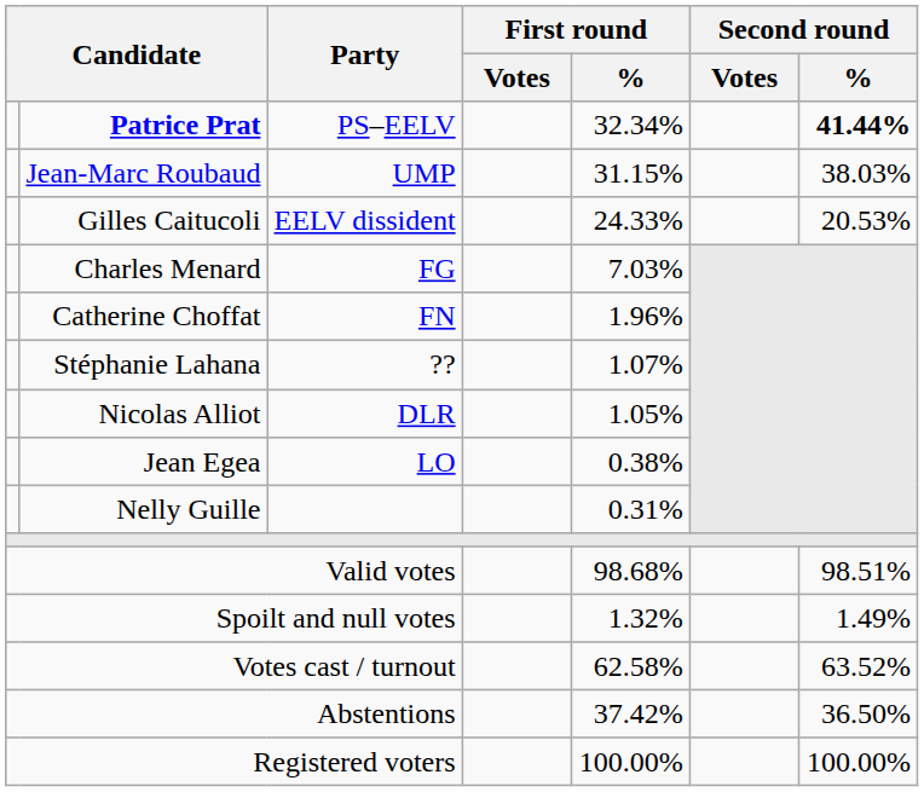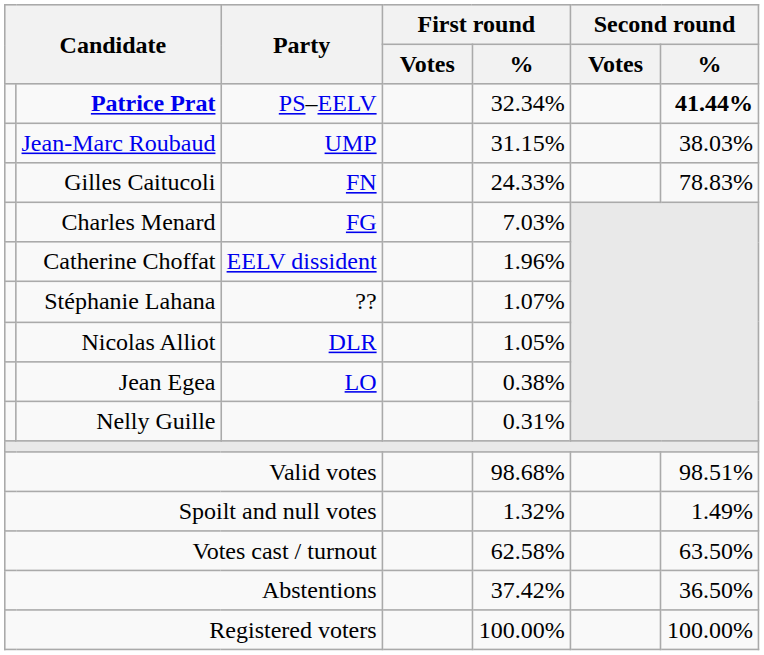 <table class="wikitable" style="text-align:right;font-size:95%;">
 <tr>
 <th rowspan=2 colspan=2>Candidate</th>
 <th rowspan=2 colspan=1>Party</th>
 <th colspan=2>First round</th>
 <th colspan=2>Second round</th>
 </tr>
 <tr>
 <th style="width:50px;">Votes</th>
 <th style="width:55px;">%</th>
 <th style="width:50px;">Votes</th>
 <th style="width:55px;">%</th>
 </tr>
 <tr>
 <td style="color:inherit;background-color:"></td>
 <td><strong><a href='#'>Patrice Prat</a></strong></td>
 <td><a href='#'>PS</a>–<a href='#'>EELV</a></td>
 <td></td>
 <td>32.34%</td>
 <td><strong></strong></td>
 <td><strong>41.44%</strong></td>
 </tr>
 <tr>
 <td style="color:inherit;background-color:"></td>
 <td><a href='#'>Jean-Marc Roubaud</a></td>
 <td><a href='#'>UMP</a></td>
 <td></td>
 <td>31.15%</td>
 <td></td>
 <td>38.03%</td>
 </tr>
 <tr>
 <td style="color:inherit;background-color:"></td>
 <td>Gilles Caitucoli</td>
-<td><a href='#'>EELV dissident</a></td>
+<td><a href='#'>FN</a></td>
 <td></td>
 <td>24.33%</td>
 <td></td>
-<td>20.53%</td>
+<td>78.83%</td>
 </tr>
 <tr>
 <td style="color:inherit;background-color:"></td>
 <td>Charles Menard</td>
 <td><a href='#'>FG</a></td>
 <td></td>
 <td>7.03%</td>
 <td colspan=7 rowspan=6 style="background-color:#E9E9E9;"></td>
 </tr>
 <tr>
 <td style="color:inherit;background-color:"></td>
 <td>Catherine Choffat</td>
-<td><a href='#'>FN</a></td>
+<td><a href='#'>EELV dissident</a></td>
 <td></td>
 <td>1.96%</td>
 </tr>
 <tr>
 <td style="background-color:;"></td>
 <td>Stéphanie Lahana</td>
 <td>??</td>
 <td></td>
 <td>1.07%</td>
 </tr>
 <tr>
 <td style="color:inherit;background-color:"></td>
 <td>Nicolas Alliot</td>
 <td><a href='#'>DLR</a></td>
 <td></td>
 <td>1.05%</td>
 </tr>
 <tr>
 <td style="color:inherit;background-color:"></td>
 <td>Jean Egea</td>
 <td><a href='#'>LO</a></td>
 <td></td>
 <td>0.38%</td>
 </tr>
 <tr>
 <td style="background-color:;"></td>
 <td>Nelly Guille</td>
 <td></td>
 <td></td>
 <td>0.31%</td>
 </tr>
 <tr>
 <td colspan=7 style="background-color:#E9E9E9;"></td>
 </tr>
 <tr>
 <td colspan=3>Valid votes</td>
 <td></td>
 <td>98.68%</td>
 <td></td>
 <td>98.51%</td>
 </tr>
 <tr>
 <td colspan=3>Spoilt and null votes</td>
 <td></td>
 <td>1.32%</td>
 <td></td>
 <td>1.49%</td>
 </tr>
 <tr>
 <td colspan=3>Votes cast / turnout</td>
 <td></td>
 <td>62.58%</td>
 <td></td>
-<td>63.52%</td>
+<td>63.50%</td>
 </tr>
 <tr>
 <td colspan=3>Abstentions</td>
 <td></td>
 <td>37.42%</td>
 <td></td>
 <td>36.50%</td>
 </tr>
 <tr>
 <td colspan=3>Registered voters</td>
 <td></td>
 <td>100.00%</td>
 <td></td>
 <td>100.00%</td>
 </tr>
 </table>
